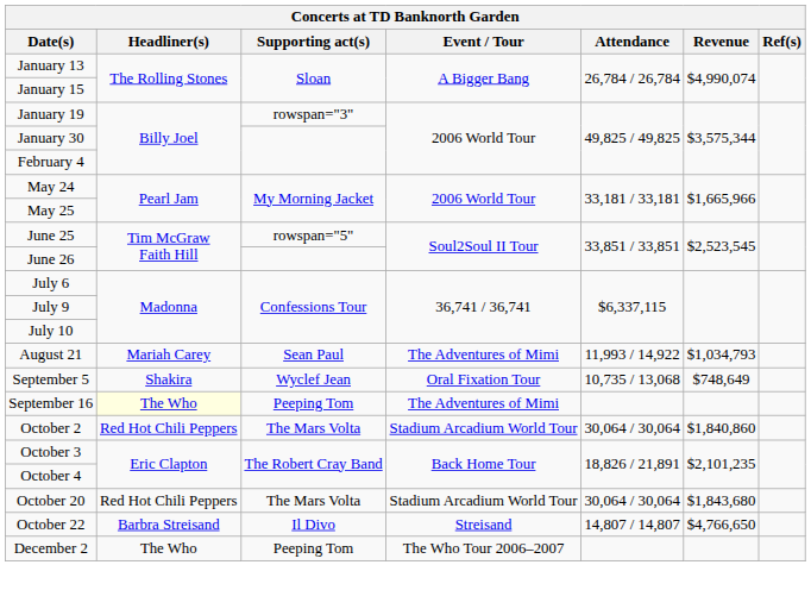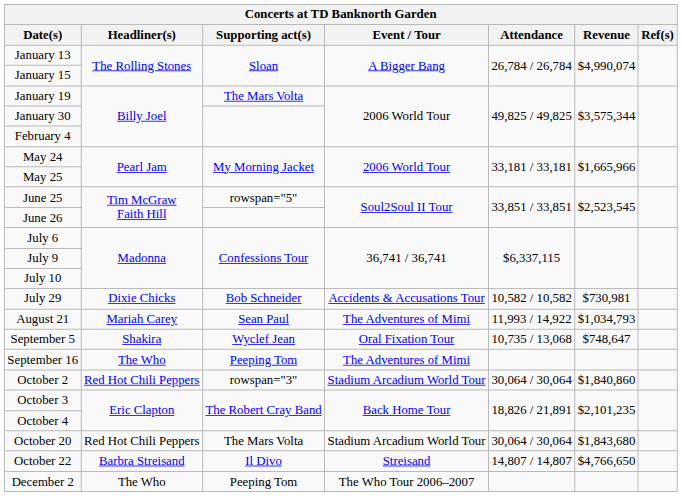 <table class="wikitable mw-collapsible mw-collapsed" style="text-align:center;">
 <tr>
 <th colspan="7">Concerts at TD Banknorth Garden</th>
 </tr>
 <tr>
 <th>Date(s)</th>
 <th>Headliner(s)</th>
 <th>Supporting act(s)</th>
 <th>Event / Tour</th>
 <th>Attendance</th>
 <th>Revenue</th>
 <th>Ref(s)</th>
 </tr>
 <tr>
 <td>January 13</td>
 <td rowspan="2"><a href='#'>The Rolling Stones</a></td>
 <td rowspan="2"><a href='#'>Sloan</a></td>
 <td rowspan="2"><a href='#'>A Bigger Bang</a></td>
 <td rowspan="2">26,784 / 26,784</td>
 <td rowspan="2">$4,990,074</td>
 <td rowspan="2"></td>
 </tr>
 <tr>
 <td>January 15</td>
 </tr>
 <tr>
 <td>January 19</td>
 <td rowspan="3"><a href='#'>Billy Joel</a></td>
-<td>rowspan="3" </td>
+<td><a href='#'>The Mars Volta</a></td>
 <td rowspan="3">2006 World Tour</td>
 <td rowspan="3">49,825 / 49,825</td>
 <td rowspan="3">$3,575,344</td>
 <td rowspan="3"></td>
 </tr>
 <tr>
 <td>January 30</td>
 </tr>
 <tr>
 <td>February 4</td>
 </tr>
 <tr>
 <td>May 24</td>
 <td rowspan="2"><a href='#'>Pearl Jam</a></td>
 <td rowspan="2"><a href='#'>My Morning Jacket</a></td>
 <td rowspan="2"><a href='#'>2006 World Tour</a></td>
 <td rowspan="2">33,181 / 33,181</td>
 <td rowspan="2">$1,665,966</td>
 <td rowspan="2"></td>
 </tr>
 <tr>
 <td>May 25</td>
 </tr>
 <tr>
 <td>June 25</td>
 <td rowspan="2"><a href='#'>Tim McGraw</a><br><a href='#'>Faith Hill</a></td>
 <td>rowspan="5" </td>
 <td rowspan="2"><a href='#'>Soul2Soul II Tour</a></td>
 <td rowspan="2">33,851 / 33,851</td>
 <td rowspan="2">$2,523,545</td>
 <td rowspan="2"></td>
 </tr>
 <tr>
 <td>June 26</td>
 </tr>
 <tr>
 <td>July 6</td>
 <td rowspan="3"><a href='#'>Madonna</a></td>
 <td rowspan="3"><a href='#'>Confessions Tour</a></td>
 <td rowspan="3">36,741 / 36,741</td>
 <td rowspan="3">$6,337,115</td>
 <td rowspan="3"></td>
 </tr>
 <tr>
 <td>July 9</td>
 </tr>
 <tr>
 <td>July 10</td>
 </tr>
 <tr>
+<td>July 29</td>
+<td><a href='#'>Dixie Chicks</a></td>
+<td><a href='#'>Bob Schneider</a></td>
+<td><a href='#'>Accidents & Accusations Tour</a></td>
+<td>10,582 / 10,582</td>
+<td>$730,981</td>
+<td></td>
+</tr>
+<tr>
 <td>August 21</td>
 <td><a href='#'>Mariah Carey</a></td>
 <td><a href='#'>Sean Paul</a></td>
 <td><a href='#'>The Adventures of Mimi</a></td>
 <td>11,993 / 14,922</td>
 <td>$1,034,793</td>
 <td></td>
 </tr>
 <tr>
 <td>September 5</td>
 <td><a href='#'>Shakira</a></td>
 <td><a href='#'>Wyclef Jean</a></td>
 <td><a href='#'>Oral Fixation Tour</a></td>
 <td>10,735 / 13,068</td>
-<td>$748,649</td>
+<td>$748,647</td>
 <td></td>
 </tr>
 <tr>
 <td>September 16</td>
-<td style="background: lightyellow;"><a href='#'>The Who</a></td>
+<td><a href='#'>The Who</a></td>
 <td><a href='#'>Peeping Tom</a></td>
 <td><a href='#'>The Adventures of Mimi</a></td>
 <td></td>
 <td></td>
 <td></td>
 </tr>
 <tr>
 <td>October 2</td>
 <td><a href='#'>Red Hot Chili Peppers</a></td>
-<td><a href='#'>The Mars Volta</a></td>
+<td>rowspan="3" </td>
 <td><a href='#'>Stadium Arcadium World Tour</a></td>
 <td>30,064 / 30,064</td>
 <td>$1,840,860</td>
 <td></td>
 </tr>
 <tr>
 <td>October 3</td>
 <td rowspan="2"><a href='#'>Eric Clapton</a></td>
 <td rowspan="2"><a href='#'>The Robert Cray Band</a></td>
 <td rowspan="2"><a href='#'>Back Home Tour</a></td>
 <td rowspan="2">18,826 / 21,891</td>
 <td rowspan="2">$2,101,235</td>
 <td rowspan="2"></td>
 </tr>
 <tr>
 <td>October 4</td>
 </tr>
 <tr>
 <td>October 20</td>
 <td>Red Hot Chili Peppers</td>
 <td>The Mars Volta</td>
 <td>Stadium Arcadium World Tour</td>
 <td>30,064 / 30,064</td>
 <td>$1,843,680</td>
 <td></td>
 </tr>
 <tr>
 <td>October 22</td>
 <td><a href='#'>Barbra Streisand</a></td>
 <td><a href='#'>Il Divo</a></td>
 <td><a href='#'>Streisand</a></td>
 <td>14,807 / 14,807</td>
 <td>$4,766,650</td>
 <td></td>
 </tr>
 <tr>
 <td>December 2</td>
 <td>The Who</td>
 <td>Peeping Tom</td>
 <td>The Who Tour 2006–2007</td>
 <td></td>
 <td></td>
 <td></td>
 </tr>
 </table>
